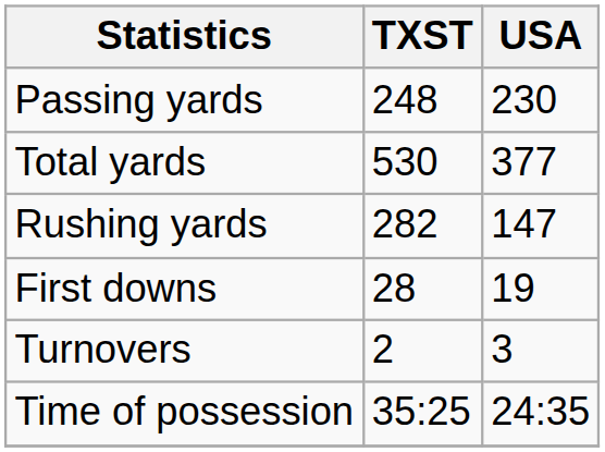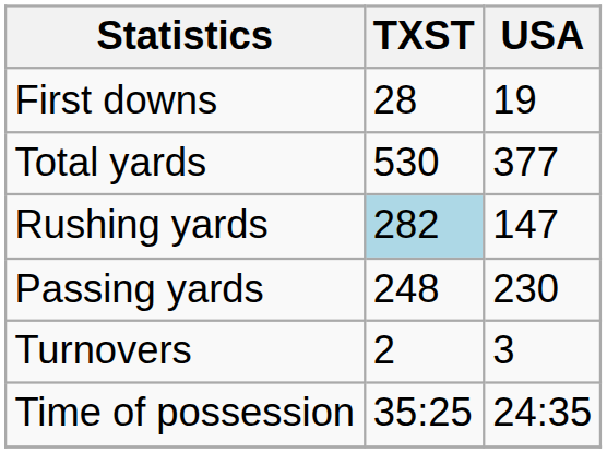 <table class="wikitable" style="float: left;">
 <tr>
 <th>Statistics</th>
 <th>TXST</th>
 <th>USA</th>
 </tr>
 <tr>
-<td>Passing yards</td>
-<td>248</td>
-<td>230</td>
+<td>First downs</td>
+<td>28</td>
+<td>19</td>
 </tr>
 <tr>
 <td>Total yards</td>
 <td>530</td>
 <td>377</td>
 </tr>
 <tr>
 <td>Rushing yards</td>
-<td>282</td>
+<td style="background: lightblue;">282</td>
 <td>147</td>
 </tr>
 <tr>
-<td>First downs</td>
-<td>28</td>
-<td>19</td>
+<td>Passing yards</td>
+<td>248</td>
+<td>230</td>
 </tr>
 <tr>
 <td>Turnovers</td>
 <td>2</td>
 <td>3</td>
 </tr>
 <tr>
 <td>Time of possession</td>
 <td>35:25</td>
 <td>24:35</td>
 </tr>
 <tr>
 </tr>
 </table>
